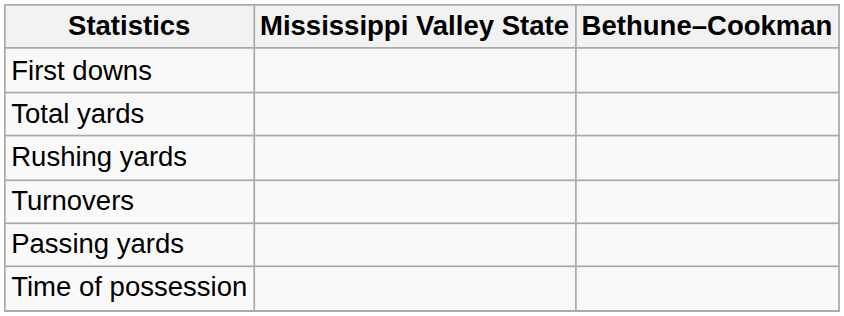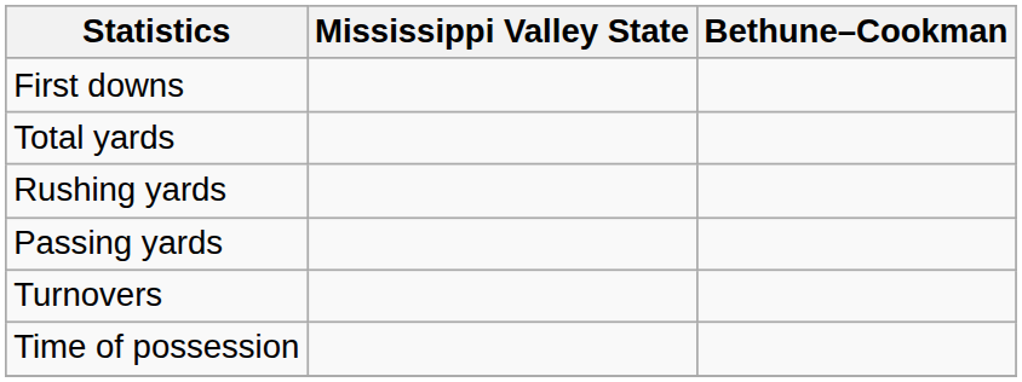 <table class="wikitable">
 <tr>
 <th>Statistics</th>
 <th>Mississippi Valley State</th>
 <th>Bethune–Cookman</th>
 </tr>
 <tr>
 <td>First downs</td>
 <td> </td>
 <td> </td>
 </tr>
 <tr>
 <td>Total yards</td>
 <td> </td>
 <td> </td>
 </tr>
 <tr>
 <td>Rushing yards</td>
 <td> </td>
 <td> </td>
 </tr>
 <tr>
-<td>Turnovers</td>
+<td>Passing yards</td>
 <td> </td>
 <td> </td>
 </tr>
 <tr>
-<td>Passing yards</td>
+<td>Turnovers</td>
 <td> </td>
 <td> </td>
 </tr>
 <tr>
 <td>Time of possession</td>
 <td> </td>
 <td> </td>
 </tr>
 <tr>
 </tr>
 </table>
